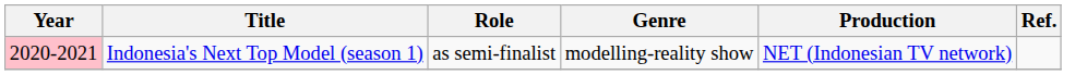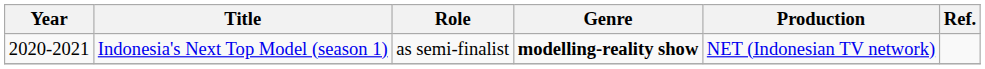 <table class="wikitable sortable">
 <tr>
 <th>Year</th>
 <th>Title</th>
 <th>Role</th>
 <th>Genre</th>
 <th>Production</th>
 <th>Ref.</th>
 </tr>
 <tr>
-<td style="background: pink;">2020-2021</td>
+<td>2020-2021</td>
 <td><a href='#'>Indonesia's Next Top Model (season 1)</a></td>
 <td>as semi-finalist</td>
-<td>modelling-reality show</td>
+<td><strong>modelling-reality show</strong></td>
 <td><a href='#'>NET (Indonesian TV network)</a></td>
 <td></td>
 </tr>
 <tr>
 </tr>
 </table>
